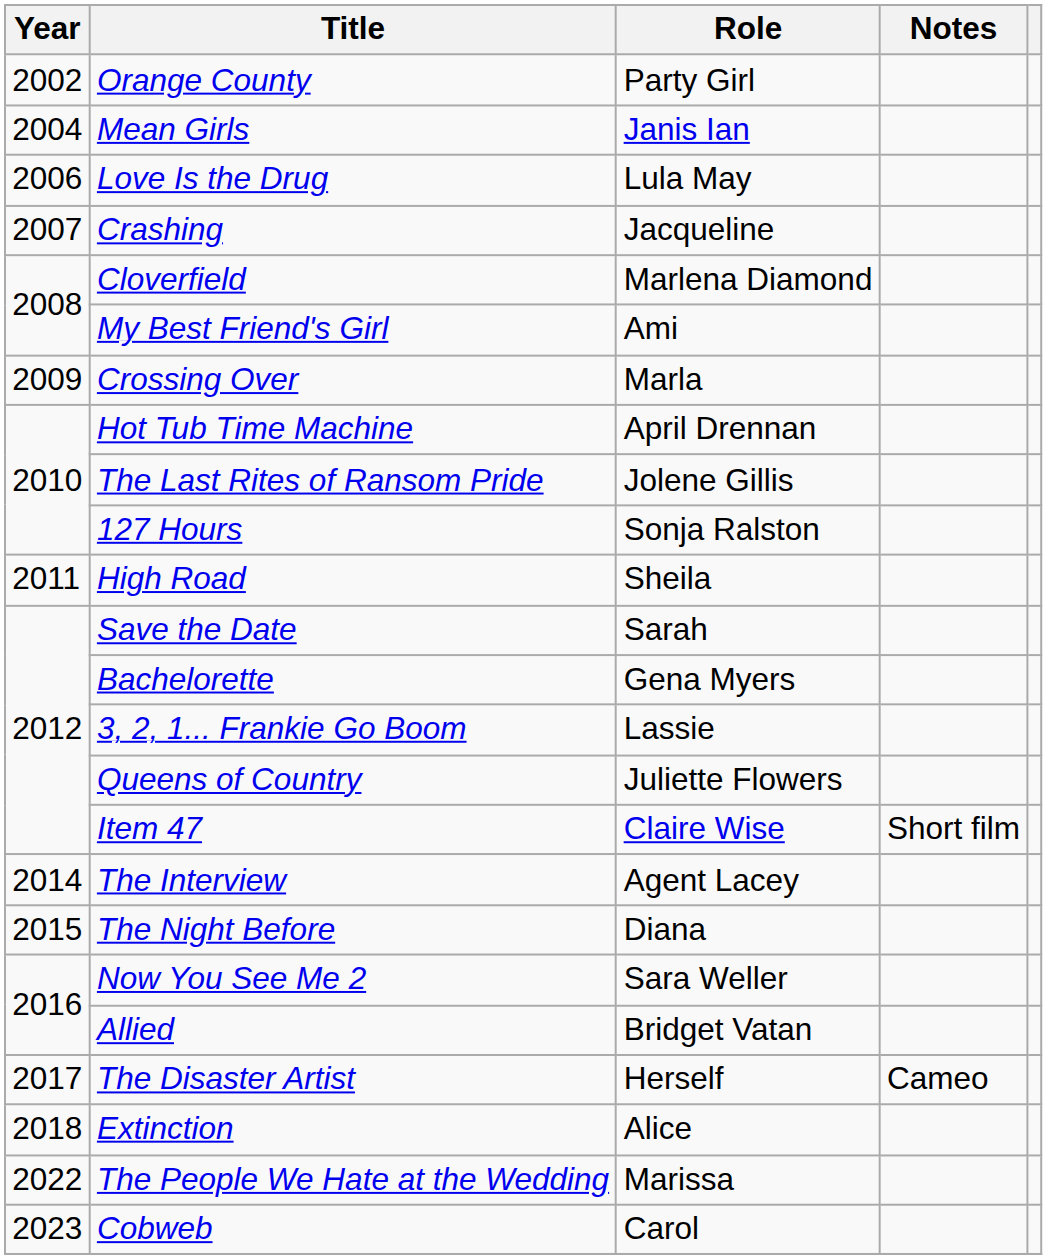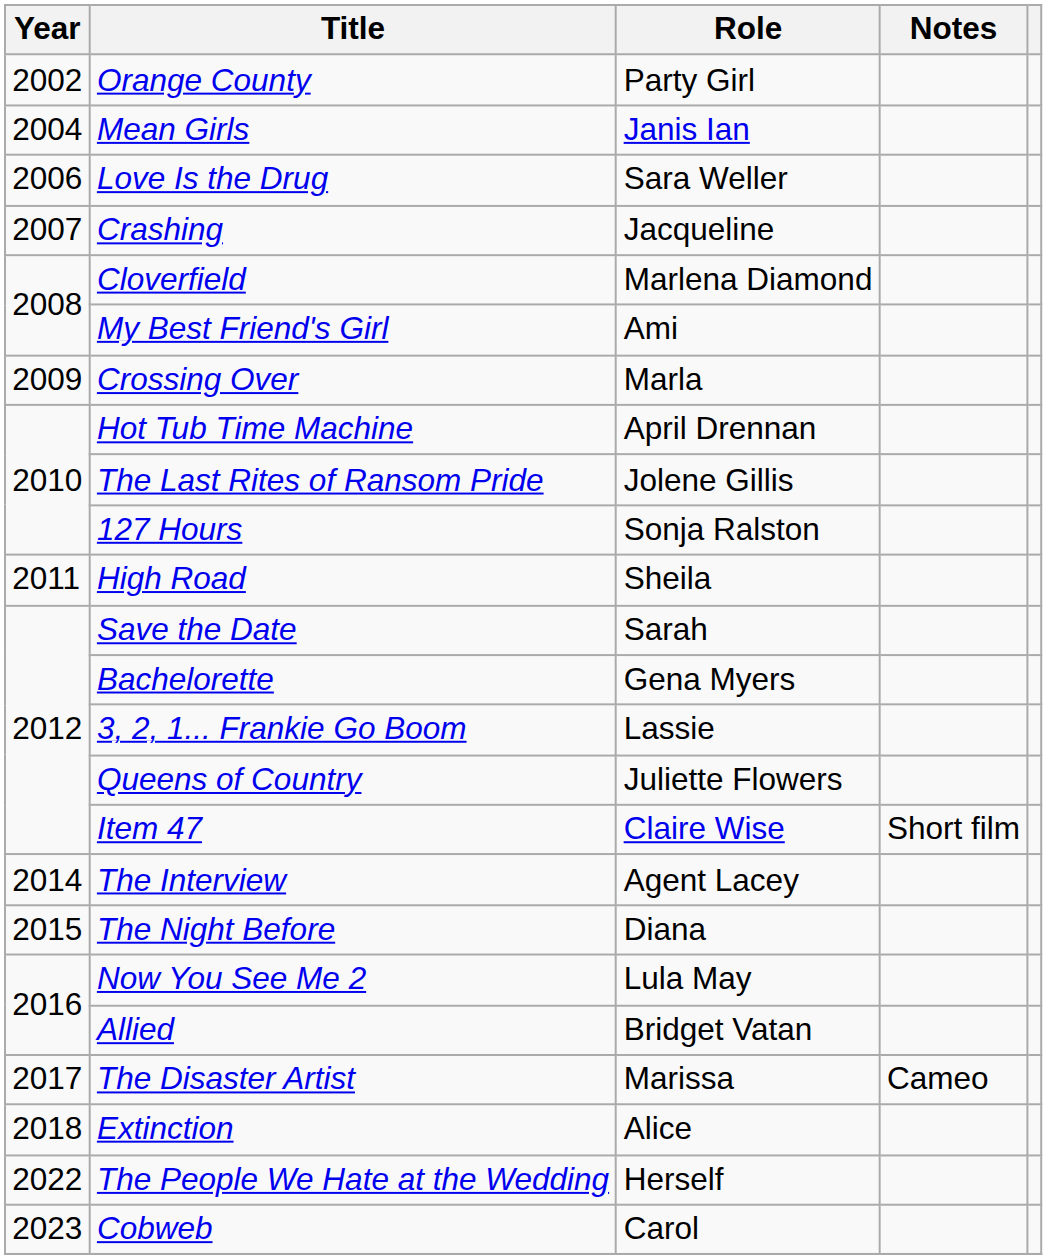 <table class="wikitable sortable">
 <tr>
 <th>Year</th>
 <th>Title</th>
 <th>Role</th>
 <th class="unsortable">Notes</th>
 <th class="unsortable"></th>
 </tr>
 <tr>
 <td>2002</td>
 <td><em><a href='#'>Orange County</a></em></td>
 <td>Party Girl</td>
 <td></td>
 <td></td>
 </tr>
 <tr>
 <td>2004</td>
 <td><em><a href='#'>Mean Girls</a></em></td>
 <td><a href='#'>Janis Ian</a></td>
 <td></td>
 <td></td>
 </tr>
 <tr>
 <td>2006</td>
 <td><em><a href='#'>Love Is the Drug</a></em></td>
-<td>Lula May</td>
+<td>Sara Weller</td>
 <td></td>
 <td></td>
 </tr>
 <tr>
 <td>2007</td>
 <td><em><a href='#'>Crashing</a></em></td>
 <td>Jacqueline</td>
 <td></td>
 <td></td>
 </tr>
 <tr>
 <td rowspan="2">2008</td>
 <td><em><a href='#'>Cloverfield</a></em></td>
 <td>Marlena Diamond</td>
 <td></td>
 <td></td>
 </tr>
 <tr>
 <td><em><a href='#'>My Best Friend's Girl</a></em></td>
 <td>Ami</td>
 <td></td>
 <td></td>
 </tr>
 <tr>
 <td>2009</td>
 <td><em><a href='#'>Crossing Over</a></em></td>
 <td>Marla</td>
 <td></td>
 <td></td>
 </tr>
 <tr>
 <td rowspan="3">2010</td>
 <td><em><a href='#'>Hot Tub Time Machine</a></em></td>
 <td>April Drennan</td>
 <td></td>
 <td></td>
 </tr>
 <tr>
 <td data-sort-value="Last Rites of Ransom Pride, The"><em><a href='#'>The Last Rites of Ransom Pride</a></em></td>
 <td>Jolene Gillis</td>
 <td></td>
 <td></td>
 </tr>
 <tr>
 <td data-sort-value="One Hundred and Twenty-Seven Hours"><em><a href='#'>127 Hours</a></em></td>
 <td>Sonja Ralston</td>
 <td></td>
 <td></td>
 </tr>
 <tr>
 <td>2011</td>
 <td><em><a href='#'>High Road</a></em></td>
 <td>Sheila</td>
 <td></td>
 <td></td>
 </tr>
 <tr>
 <td rowspan="5">2012</td>
 <td><em><a href='#'>Save the Date</a></em></td>
 <td>Sarah</td>
 <td></td>
 <td></td>
 </tr>
 <tr>
 <td><em><a href='#'>Bachelorette</a></em></td>
 <td>Gena Myers</td>
 <td></td>
 <td></td>
 </tr>
 <tr>
 <td data-sort-value="Three, Two, One... Frankie Go Boom"><em><a href='#'>3, 2, 1... Frankie Go Boom</a></em></td>
 <td>Lassie</td>
 <td></td>
 <td></td>
 </tr>
 <tr>
 <td><em><a href='#'>Queens of Country</a></em></td>
 <td>Juliette Flowers</td>
 <td></td>
 <td></td>
 </tr>
 <tr>
 <td><em><a href='#'>Item 47</a></em></td>
 <td><a href='#'>Claire Wise</a></td>
 <td>Short film</td>
 <td></td>
 </tr>
 <tr>
 <td>2014</td>
 <td data-sort-value="Interview, The"><em><a href='#'>The Interview</a></em></td>
 <td>Agent Lacey</td>
 <td></td>
 <td></td>
 </tr>
 <tr>
 <td>2015</td>
 <td data-sort-value="Night Before, The"><em><a href='#'>The Night Before</a></em></td>
 <td>Diana</td>
 <td></td>
 <td></td>
 </tr>
 <tr>
 <td rowspan="2">2016</td>
 <td><em><a href='#'>Now You See Me 2</a></em></td>
-<td>Sara Weller</td>
+<td>Lula May</td>
 <td></td>
 <td></td>
 </tr>
 <tr>
 <td><em><a href='#'>Allied</a></em></td>
 <td>Bridget Vatan</td>
 <td></td>
 <td></td>
 </tr>
 <tr>
 <td>2017</td>
 <td data-sort-value="Disaster Artist, The"><em><a href='#'>The Disaster Artist</a></em></td>
-<td>Herself</td>
+<td>Marissa</td>
 <td>Cameo</td>
 <td></td>
 </tr>
 <tr>
 <td>2018</td>
 <td><em><a href='#'>Extinction</a></em></td>
 <td>Alice</td>
 <td></td>
 <td></td>
 </tr>
 <tr>
 <td>2022</td>
 <td data-sort-value="People We Hate at the Wedding, The"><em><a href='#'>The People We Hate at the Wedding</a></em></td>
-<td>Marissa</td>
+<td>Herself</td>
 <td></td>
 <td></td>
 </tr>
 <tr>
 <td>2023</td>
 <td><em><a href='#'>Cobweb</a></em></td>
 <td>Carol</td>
 <td></td>
 <td></td>
 </tr>
 <tr>
 </tr>
 </table>
